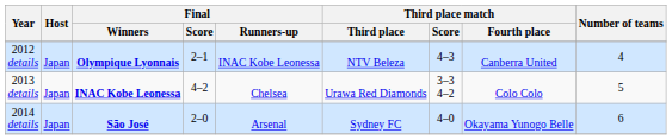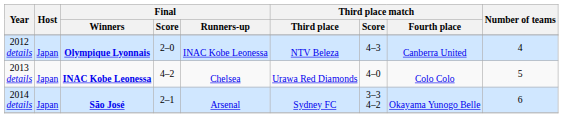 <table class="wikitable" style="text-align: center;">
 <tr>
 <th rowspan=2>Year</th>
 <th rowspan=2>Host</th>
 <th colspan=3>Final</th>
 <th colspan=3>Third place match</th>
 <th rowspan=2>Number of teams</th>
 </tr>
 <tr>
 <th>Winners</th>
 <th>Score</th>
 <th>Runners-up</th>
 <th>Third place</th>
 <th>Score</th>
 <th>Fourth place</th>
 </tr>
 <tr>
 </tr>
 <tr bgcolor=#D0E7FF>
 <td>2012<br><em><a href='#'>details</a></em></td>
 <td><br><a href='#'>Japan</a></td>
 <td><br> <strong><a href='#'>Olympique Lyonnais</a></strong></td>
-<td>2–1<br></td>
+<td>2–0</td>
 <td><br> <a href='#'>INAC Kobe Leonessa</a></td>
 <td><br> <a href='#'>NTV Beleza</a></td>
 <td>4–3</td>
 <td><br> <a href='#'>Canberra United</a></td>
 <td>4</td>
 </tr>
 <tr>
 <td>2013<br><em><a href='#'>details</a></em></td>
 <td><br><a href='#'>Japan</a></td>
 <td><br> <strong><a href='#'>INAC Kobe Leonessa</a></strong></td>
 <td>4–2</td>
 <td><br> <a href='#'>Chelsea</a></td>
 <td><br> <a href='#'>Urawa Red Diamonds</a></td>
-<td>3–3<br>4–2 </td>
+<td>4–0</td>
 <td><br> <a href='#'>Colo Colo</a></td>
 <td>5</td>
 </tr>
 <tr bgcolor=#D0E7FF>
 <td>2014<br><em><a href='#'>details</a></em></td>
 <td><br><a href='#'>Japan</a></td>
 <td><br> <strong><a href='#'>São José</a></strong></td>
-<td>2–0</td>
+<td>2–1<br></td>
 <td><br> <a href='#'>Arsenal</a></td>
 <td><br> <a href='#'>Sydney FC</a></td>
-<td>4–0</td>
+<td>3–3<br>4–2 </td>
 <td><br> <a href='#'>Okayama Yunogo Belle</a></td>
 <td>6</td>
 </tr>
 <tr>
 </tr>
 </table>
